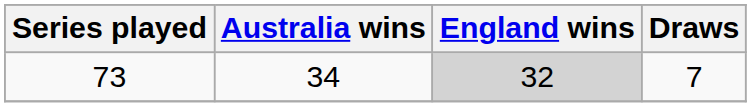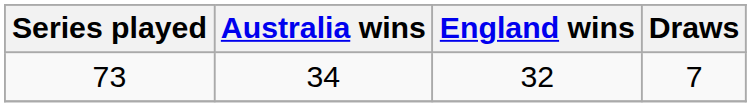 <table class=wikitable style="text-align:center">
 <tr>
 <th scope="col">Series played</th>
 <th scope="col"> <a href='#'>Australia</a> wins</th>
 <th scope="col"> <a href='#'>England</a> wins</th>
 <th scope="col">Draws</th>
 </tr>
 <tr>
 <td>73</td>
 <td>34</td>
-<td style="background: lightgrey;">32</td>
+<td>32</td>
 <td>7</td>
 </tr>
 <tr>
 </tr>
 </table>
